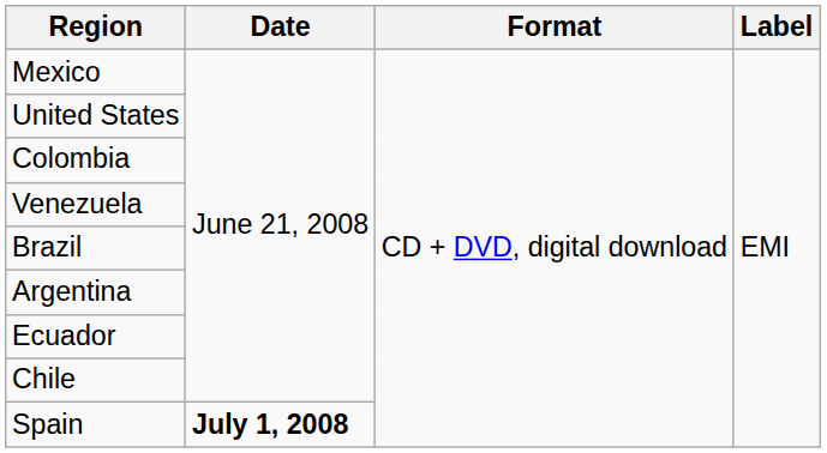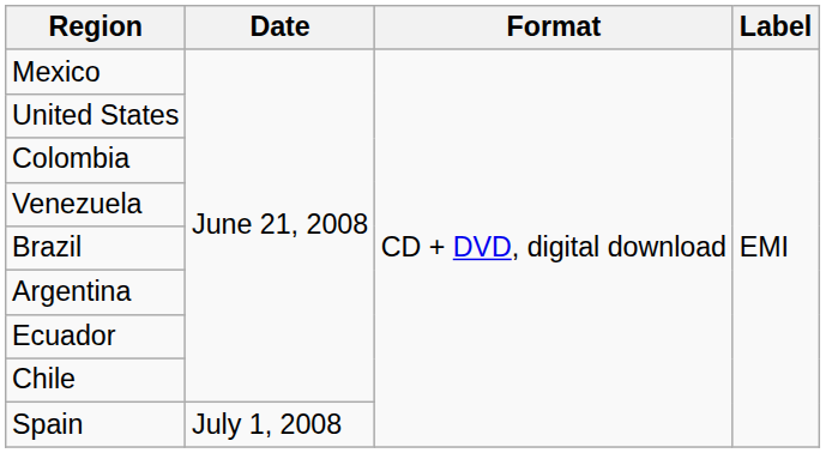 <table class="wikitable">
 <tr>
 <th>Region</th>
 <th>Date</th>
 <th>Format</th>
 <th>Label</th>
 </tr>
 <tr>
 <td>Mexico</td>
 <td rowspan="8">June 21, 2008</td>
 <td rowspan="9">CD + <a href='#'>DVD</a>, digital download</td>
 <td rowspan="9">EMI</td>
 </tr>
 <tr>
 <td>United States</td>
 </tr>
 <tr>
 <td>Colombia</td>
 </tr>
 <tr>
 <td>Venezuela</td>
 </tr>
 <tr>
 <td>Brazil</td>
 </tr>
 <tr>
 <td>Argentina</td>
 </tr>
 <tr>
 <td>Ecuador</td>
 </tr>
 <tr>
 <td>Chile</td>
 </tr>
 <tr>
 <td>Spain</td>
-<td rowspan="1"><strong>July 1, 2008</strong></td>
+<td rowspan="1">July 1, 2008</td>
 </tr>
 </table>
